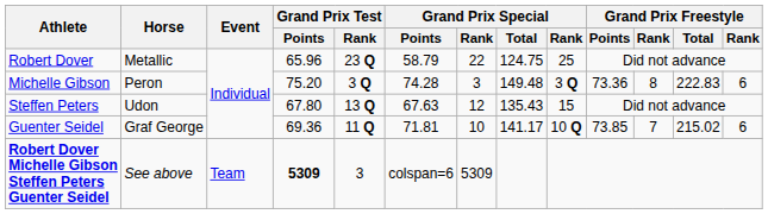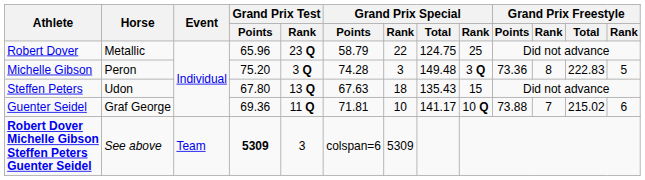 <table class=wikitable style=font-size:90%;text-align:center>
 <tr>
 <th rowspan=2>Athlete</th>
 <th rowspan=2>Horse</th>
 <th rowspan=2>Event</th>
 <th colspan=2>Grand Prix Test</th>
 <th colspan=4>Grand Prix Special</th>
 <th colspan=4>Grand Prix Freestyle</th>
 </tr>
 <tr style=font-size:95%>
 <th>Points</th>
 <th>Rank</th>
 <th>Points</th>
 <th>Rank</th>
 <th>Total</th>
 <th>Rank</th>
 <th>Points</th>
 <th>Rank</th>
 <th>Total</th>
 <th>Rank</th>
 </tr>
 <tr>
 <td align=left><a href='#'>Robert Dover</a></td>
 <td align=left>Metallic</td>
 <td align=left rowspan=4><a href='#'>Individual</a></td>
 <td>65.96</td>
 <td>23 <strong>Q</strong></td>
 <td>58.79</td>
 <td>22</td>
 <td>124.75</td>
 <td>25</td>
 <td colspan=4>Did not advance</td>
 </tr>
 <tr>
 <td align=left><a href='#'>Michelle Gibson</a></td>
 <td align=left>Peron</td>
 <td>75.20</td>
 <td>3 <strong>Q</strong></td>
 <td>74.28</td>
 <td>3</td>
 <td>149.48</td>
 <td>3 <strong>Q</strong></td>
 <td>73.36</td>
 <td>8</td>
 <td>222.83</td>
-<td>6</td>
+<td>5</td>
 </tr>
 <tr>
 <td align=left><a href='#'>Steffen Peters</a></td>
 <td align=left>Udon</td>
 <td>67.80</td>
 <td>13 <strong>Q</strong></td>
 <td>67.63</td>
-<td>12</td>
+<td>18</td>
 <td>135.43</td>
 <td>15</td>
 <td colspan=4>Did not advance</td>
 </tr>
 <tr>
 <td align=left><a href='#'>Guenter Seidel</a></td>
 <td align=left>Graf George</td>
 <td>69.36</td>
 <td>11 <strong>Q</strong></td>
 <td>71.81</td>
 <td>10</td>
 <td>141.17</td>
 <td>10 <strong>Q</strong></td>
-<td>73.85</td>
+<td>73.88</td>
 <td>7</td>
 <td>215.02</td>
 <td>6</td>
 </tr>
 <tr>
 <td align=left><strong><a href='#'>Robert Dover</a><br><a href='#'>Michelle Gibson</a><br><a href='#'>Steffen Peters</a><br><a href='#'>Guenter Seidel</a></strong></td>
 <td align=left><em>See above</em></td>
 <td align=left><a href='#'>Team</a></td>
 <td><strong>5309</strong></td>
 <td>3</td>
 <td>colspan=6 </td>
 <td>5309</td>
 <td></td>
 </tr>
 </table>
